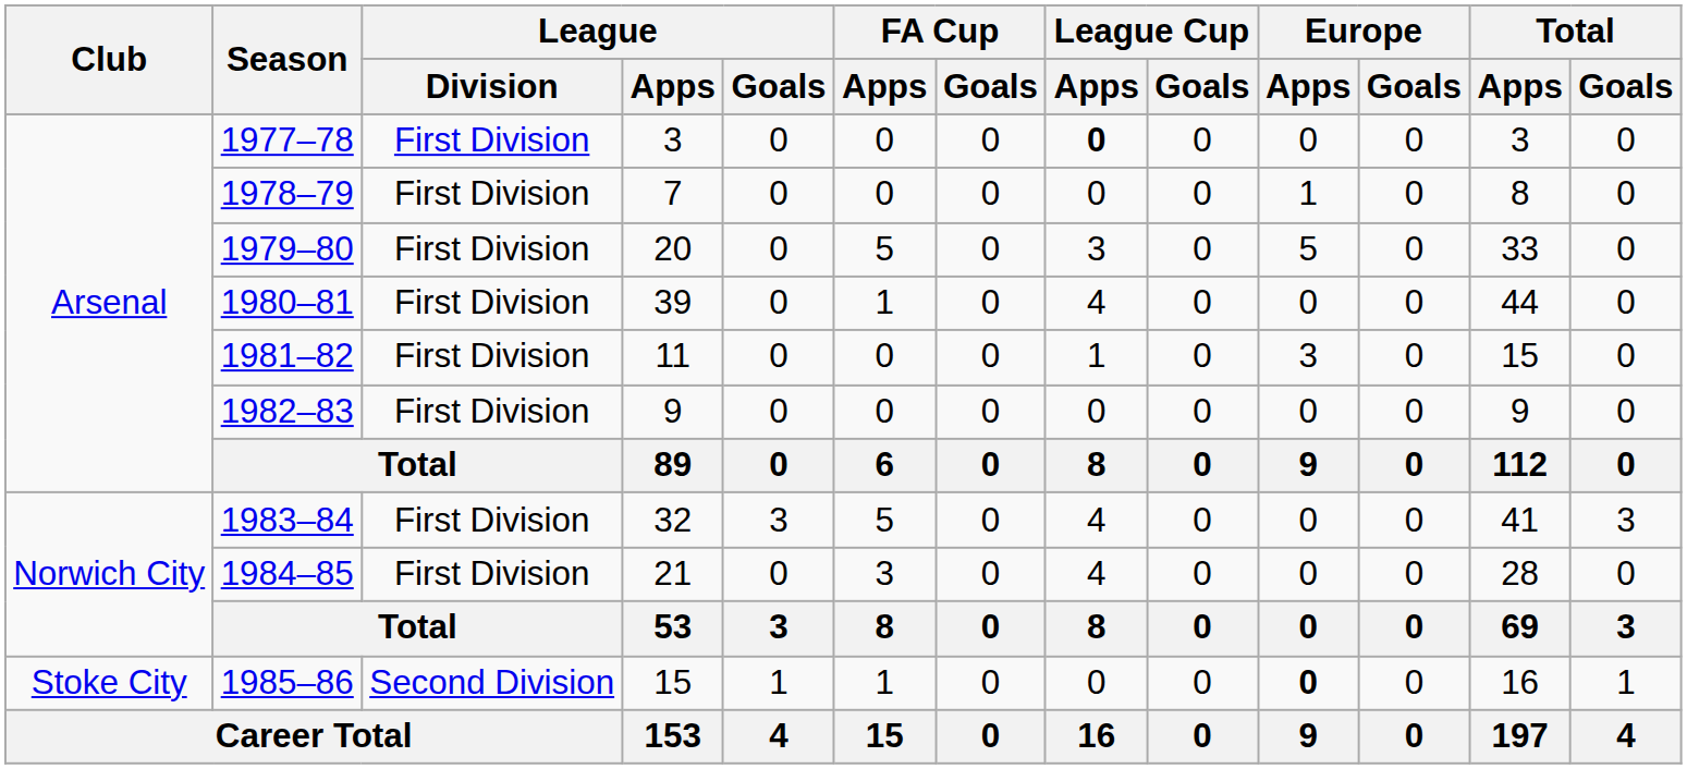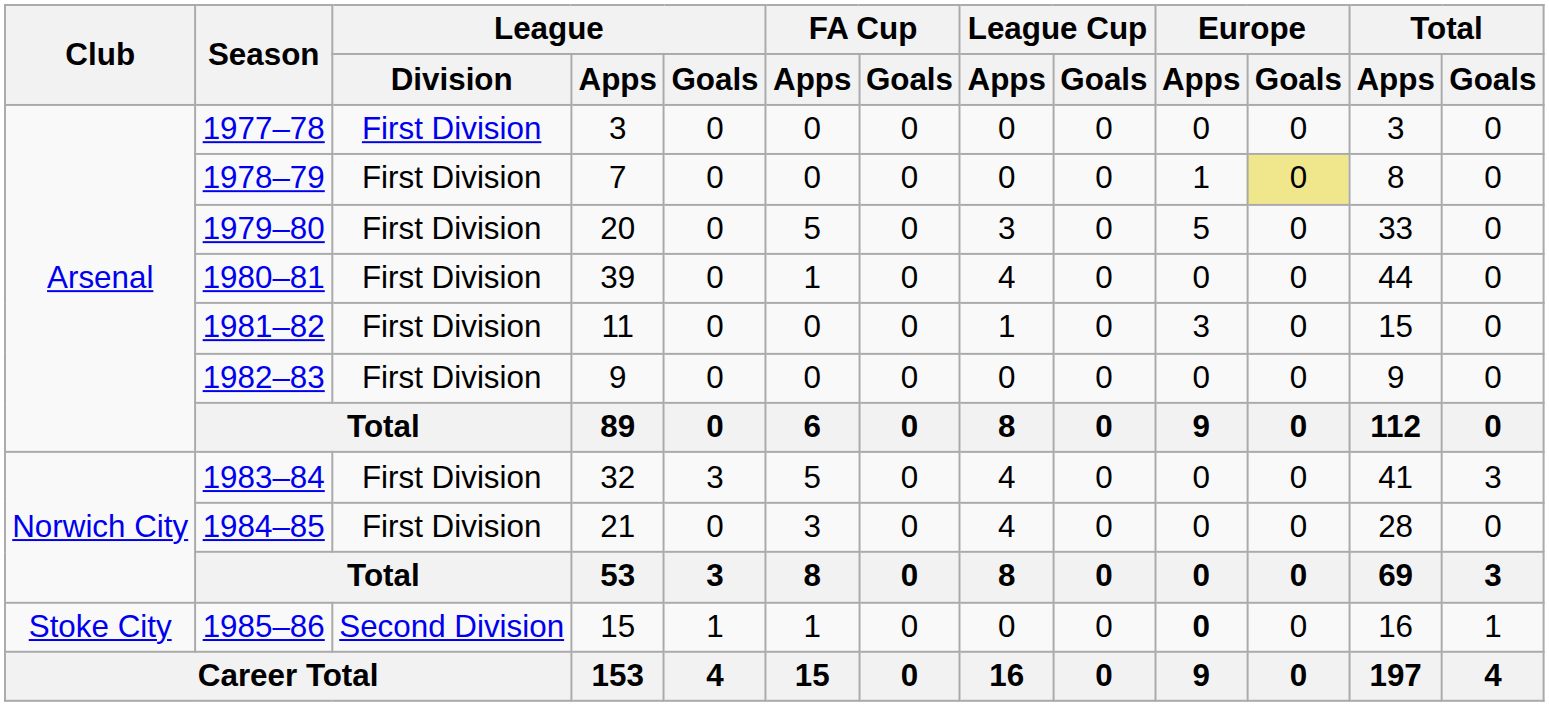 <table class="wikitable" style="text-align: center;">
 <tr>
 <th rowspan="2">Club</th>
 <th rowspan="2">Season</th>
 <th colspan="3">League</th>
 <th colspan="2">FA Cup</th>
 <th colspan="2">League Cup</th>
 <th colspan="2">Europe</th>
 <th colspan="2">Total</th>
 </tr>
 <tr>
 <th>Division</th>
 <th>Apps</th>
 <th>Goals</th>
 <th>Apps</th>
 <th>Goals</th>
 <th>Apps</th>
 <th>Goals</th>
 <th>Apps</th>
 <th>Goals</th>
 <th>Apps</th>
 <th>Goals</th>
 </tr>
 <tr>
 <td rowspan="7"><a href='#'>Arsenal</a></td>
 <td><a href='#'>1977–78</a></td>
 <td><a href='#'>First Division</a></td>
 <td>3</td>
 <td>0</td>
 <td>0</td>
 <td>0</td>
-<td><strong>0</strong></td>
+<td>0</td>
 <td>0</td>
 <td>0</td>
 <td>0</td>
 <td>3</td>
 <td>0</td>
 </tr>
 <tr>
 <td><a href='#'>1978–79</a></td>
 <td>First Division</td>
 <td>7</td>
 <td>0</td>
 <td>0</td>
 <td>0</td>
 <td>0</td>
 <td>0</td>
 <td>1</td>
-<td>0</td>
+<td style="background: khaki;">0</td>
 <td>8</td>
 <td>0</td>
 </tr>
 <tr>
 <td><a href='#'>1979–80</a></td>
 <td>First Division</td>
 <td>20</td>
 <td>0</td>
 <td>5</td>
 <td>0</td>
 <td>3</td>
 <td>0</td>
 <td>5</td>
 <td>0</td>
 <td>33</td>
 <td>0</td>
 </tr>
 <tr>
 <td><a href='#'>1980–81</a></td>
 <td>First Division</td>
 <td>39</td>
 <td>0</td>
 <td>1</td>
 <td>0</td>
 <td>4</td>
 <td>0</td>
 <td>0</td>
 <td>0</td>
 <td>44</td>
 <td>0</td>
 </tr>
 <tr>
 <td><a href='#'>1981–82</a></td>
 <td>First Division</td>
 <td>11</td>
 <td>0</td>
 <td>0</td>
 <td>0</td>
 <td>1</td>
 <td>0</td>
 <td>3</td>
 <td>0</td>
 <td>15</td>
 <td>0</td>
 </tr>
 <tr>
 <td><a href='#'>1982–83</a></td>
 <td>First Division</td>
 <td>9</td>
 <td>0</td>
 <td>0</td>
 <td>0</td>
 <td>0</td>
 <td>0</td>
 <td>0</td>
 <td>0</td>
 <td>9</td>
 <td>0</td>
 </tr>
 <tr>
 <th colspan="2">Total</th>
 <th>89</th>
 <th>0</th>
 <th>6</th>
 <th>0</th>
 <th>8</th>
 <th>0</th>
 <th>9</th>
 <th>0</th>
 <th>112</th>
 <th>0</th>
 </tr>
 <tr>
 <td rowspan="3"><a href='#'>Norwich City</a></td>
 <td><a href='#'>1983–84</a></td>
 <td>First Division</td>
 <td>32</td>
 <td>3</td>
 <td>5</td>
 <td>0</td>
 <td>4</td>
 <td>0</td>
 <td>0</td>
 <td>0</td>
 <td>41</td>
 <td>3</td>
 </tr>
 <tr>
 <td><a href='#'>1984–85</a></td>
 <td>First Division</td>
 <td>21</td>
 <td>0</td>
 <td>3</td>
 <td>0</td>
 <td>4</td>
 <td>0</td>
 <td>0</td>
 <td>0</td>
 <td>28</td>
 <td>0</td>
 </tr>
 <tr>
 <th colspan="2">Total</th>
 <th>53</th>
 <th>3</th>
 <th>8</th>
 <th>0</th>
 <th>8</th>
 <th>0</th>
 <th>0</th>
 <th>0</th>
 <th>69</th>
 <th>3</th>
 </tr>
 <tr>
 <td><a href='#'>Stoke City</a></td>
 <td><a href='#'>1985–86</a></td>
 <td><a href='#'>Second Division</a></td>
 <td>15</td>
 <td>1</td>
 <td>1</td>
 <td>0</td>
 <td>0</td>
 <td>0</td>
 <td><strong>0</strong></td>
 <td>0</td>
 <td>16</td>
 <td>1</td>
 </tr>
 <tr>
 <th colspan="3">Career Total</th>
 <th>153</th>
 <th>4</th>
 <th>15</th>
 <th>0</th>
 <th>16</th>
 <th>0</th>
 <th>9</th>
 <th>0</th>
 <th>197</th>
 <th>4</th>
 </tr>
 </table>
